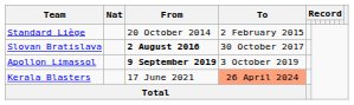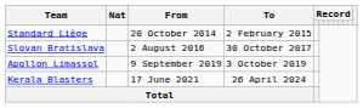 <table class="wikitable" style="text-align:center">
 <tr>
 <th rowspan="2">Team</th>
 <th rowspan="2">Nat</th>
 <th rowspan="2">From</th>
 <th rowspan="2">To</th>
 <th colspan="8">Record</th>
 <th rowspan="2"></th>
 </tr>
 <tr>
 <th></th>
 <th></th>
 <th></th>
 <th></th>
 <th></th>
 <th></th>
 <th></th>
 <th></th>
 </tr>
 <tr>
 <td align=left><a href='#'>Standard Liège</a></td>
 <td></td>
 <td align="left">20 October 2014</td>
 <td align=left>2 February 2015<br></td>
 <td></td>
 </tr>
 <tr>
 <td align=left><a href='#'>Slovan Bratislava</a></td>
 <td></td>
-<td align="left"><strong>2 August 2016</strong></td>
+<td align="left">2 August 2016</td>
 <td align=left>30 October 2017<br></td>
 <td></td>
 </tr>
 <tr>
 <td align=left><a href='#'>Apollon Limassol</a></td>
 <td></td>
-<td align="left"><strong>9 September 2019</strong></td>
+<td align="left">9 September 2019</td>
 <td align=left>3 October 2019<br></td>
 <td></td>
 </tr>
 <tr>
 <td align=left><a href='#'>Kerala Blasters</a></td>
 <td></td>
 <td align="left">17 June 2021</td>
-<td align=center style="background: lightsalmon;">26 April 2024<br></td>
+<td align=center>26 April 2024<br></td>
 <td></td>
 </tr>
 <tr>
 <th colspan="4">Total<br></th>
 <th></th>
 </tr>
 </table>
